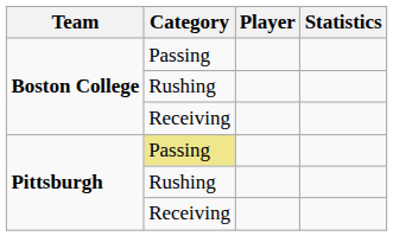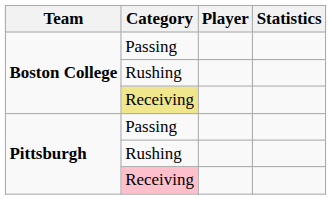 <table class="wikitable" style="float: right;">
 <tr>
 <th>Team</th>
 <th>Category</th>
 <th>Player</th>
 <th>Statistics</th>
 </tr>
 <tr>
 <td rowspan=3><strong>Boston College</strong></td>
 <td>Passing</td>
 <td></td>
 <td></td>
 </tr>
 <tr>
 <td>Rushing</td>
 <td></td>
 <td></td>
 </tr>
 <tr>
-<td>Receiving</td>
+<td style="background: khaki;">Receiving</td>
 <td></td>
 <td></td>
 </tr>
 <tr>
 <td rowspan=3><strong>Pittsburgh</strong></td>
-<td style="background: khaki;">Passing</td>
+<td>Passing</td>
 <td></td>
 <td></td>
 </tr>
 <tr>
 <td>Rushing</td>
 <td></td>
 <td></td>
 </tr>
 <tr>
-<td>Receiving</td>
+<td style="background: pink;">Receiving</td>
 <td></td>
 <td></td>
 </tr>
 </table>
